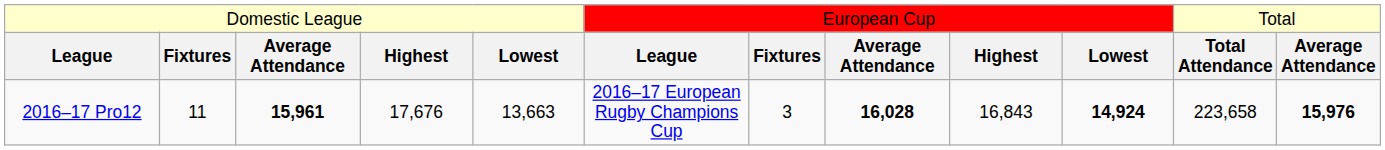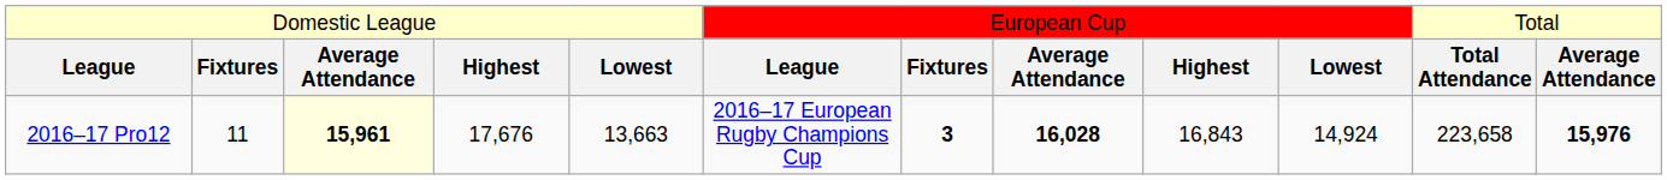 <table class="wikitable sortable" style="font-size:90%; width:90%;">
 <tr>
 <td colspan="5" class="wikitable sortable" style="width:45%; background:#ffffcc; text-align:center;"><span>Domestic League</span></td>
 <td colspan="5" class="wikitable sortable" style="width:45%; background:#f00; text-align:center;"><span>European Cup</span></td>
 <td colspan="2" class="wikitable sortable" style="width:45%; background:#ffffcc; text-align:center;"><span>Total</span></td>
 </tr>
 <tr>
 <th style="width:15%;">League</th>
 <th style="width:5%;">Fixtures</th>
 <th style="width:10%;">Average Attendance</th>
 <th style="width:10%;">Highest</th>
 <th style="width:10%;">Lowest</th>
 <th style="width:15%;">League</th>
 <th style="width:5%;">Fixtures</th>
 <th style="width:10%;">Average Attendance</th>
 <th style="width:10%;">Highest</th>
 <th style="width:10%;">Lowest</th>
 <th style="width:10%;">Total Attendance</th>
 <th style="width:10%;">Average Attendance</th>
 </tr>
 <tr>
 <td align=center><a href='#'>2016–17 Pro12</a></td>
 <td align=center>11</td>
-<td align=center><strong>15,961</strong></td>
+<td align=center style="background: lightyellow;"><strong>15,961</strong></td>
 <td align=center>17,676</td>
 <td align=center>13,663</td>
 <td align=center><a href='#'>2016–17 European Rugby Champions Cup</a></td>
-<td align=center>3</td>
+<td align=center><strong>3</strong></td>
 <td align=center><strong>16,028</strong></td>
 <td align=center>16,843</td>
-<td align=center><strong>14,924</strong></td>
+<td align=center>14,924</td>
 <td align=center>223,658</td>
 <td align=center><strong>15,976</strong></td>
 </tr>
 </table>
